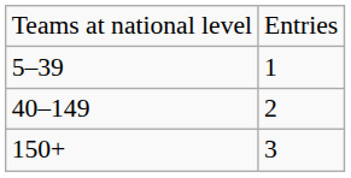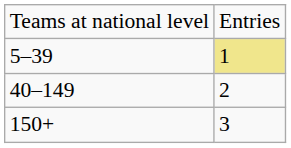 <table class="wikitable">
 <tr>
 <td>Teams at national level</td>
 <td>Entries</td>
 </tr>
 <tr>
 <td>5–39</td>
-<td>1</td>
+<td style="background: khaki;">1</td>
 </tr>
 <tr>
 <td>40–149</td>
 <td>2</td>
 </tr>
 <tr>
 <td>150+</td>
 <td>3</td>
 </tr>
 </table>
